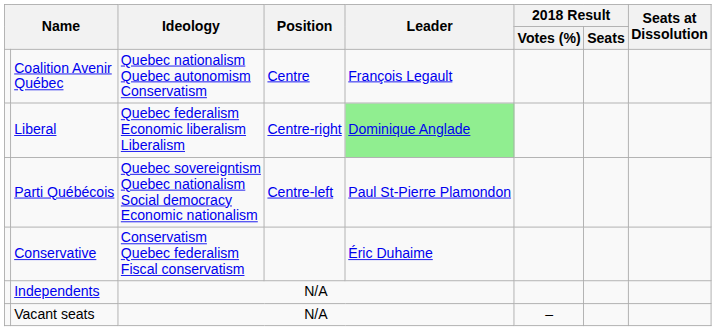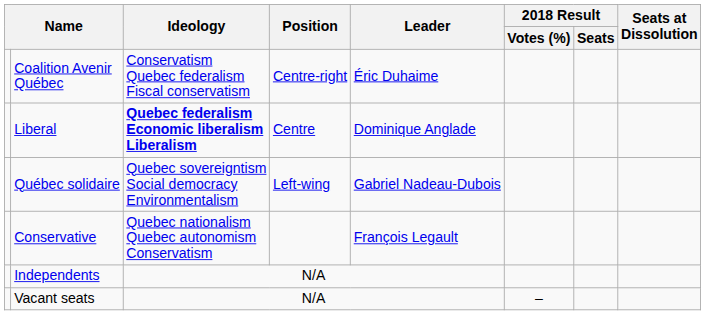 <table class="wikitable">
 <tr>
 <th colspan="2" rowspan="2">Name</th>
 <th rowspan="2">Ideology</th>
 <th rowspan="2">Position</th>
 <th rowspan="2">Leader</th>
 <th colspan="2">2018 Result</th>
 <th rowspan="2">Seats at<br>Dissolution</th>
 </tr>
 <tr>
 <th>Votes (%)</th>
 <th>Seats</th>
 </tr>
 <tr>
 <td style="background:"></td>
 <td><a href='#'>Coalition Avenir<br>Québec</a></td>
-<td><a href='#'>Quebec nationalism</a><br><a href='#'>Quebec autonomism</a><br><a href='#'>Conservatism</a></td>
-<td><a href='#'>Centre</a></td>
-<td><a href='#'>François Legault</a></td>
+<td><a href='#'>Conservatism</a><br><a href='#'>Quebec federalism</a><br><a href='#'>Fiscal conservatism</a></td>
+<td><a href='#'>Centre-right</a></td>
+<td><a href='#'>Éric Duhaime</a></td>
 <td></td>
 <td></td>
 <td></td>
 </tr>
 <tr>
 <td style="background:"></td>
 <td><a href='#'>Liberal</a></td>
-<td><a href='#'>Quebec federalism</a><br><a href='#'>Economic liberalism</a><br><a href='#'>Liberalism</a></td>
-<td><a href='#'>Centre-right</a></td>
-<td style="background: lightgreen;"><a href='#'>Dominique Anglade</a></td>
+<td><strong><a href='#'>Quebec federalism</a><br><a href='#'>Economic liberalism</a><br><a href='#'>Liberalism</a></strong></td>
+<td><a href='#'>Centre</a></td>
+<td><a href='#'>Dominique Anglade</a></td>
 <td></td>
 <td></td>
 <td></td>
 </tr>
 <tr>
 <td style="background:"></td>
-<td><a href='#'>Parti Québécois</a></td>
-<td><a href='#'>Quebec sovereigntism</a><br><a href='#'>Quebec nationalism</a><br><a href='#'>Social democracy</a><br><a href='#'>Economic nationalism</a></td>
-<td><a href='#'>Centre-left</a></td>
-<td><a href='#'>Paul St-Pierre Plamondon</a></td>
+<td><a href='#'>Québec solidaire</a></td>
+<td><a href='#'>Quebec sovereigntism</a><br><a href='#'>Social democracy</a><br><a href='#'>Environmentalism</a></td>
+<td><a href='#'>Left-wing</a></td>
+<td><a href='#'>Gabriel Nadeau-Dubois</a></td>
 <td></td>
 <td></td>
 <td></td>
 </tr>
 <tr>
 <td style="background:"></td>
 <td><a href='#'>Conservative</a></td>
-<td><a href='#'>Conservatism</a><br><a href='#'>Quebec federalism</a><br><a href='#'>Fiscal conservatism</a></td>
+<td><a href='#'>Quebec nationalism</a><br><a href='#'>Quebec autonomism</a><br><a href='#'>Conservatism</a></td>
 <td></td>
-<td><a href='#'>Éric Duhaime</a></td>
+<td><a href='#'>François Legault</a></td>
 <td></td>
 <td></td>
 <td></td>
 </tr>
 <tr>
 <td style="background:"></td>
 <td><a href='#'>Independents</a></td>
 <td colspan="3" style="text-align:center;">N/A</td>
 <td></td>
 <td></td>
 <td></td>
 </tr>
 <tr>
 <td></td>
 <td>Vacant seats</td>
 <td colspan="3" style="text-align:center;">N/A</td>
 <td style="text-align:center;">–</td>
 <td></td>
 <td></td>
 </tr>
 </table>
